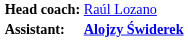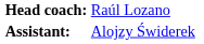 <table>
 <tr>
 <td><strong>Head coach:</strong></td>
 <td><a href='#'>Raúl Lozano</a></td>
 </tr>
 <tr>
 <td><strong>Assistant:</strong></td>
-<td><strong><a href='#'>Alojzy Świderek</a></strong></td>
+<td><a href='#'>Alojzy Świderek</a></td>
 </tr>
 </table>
